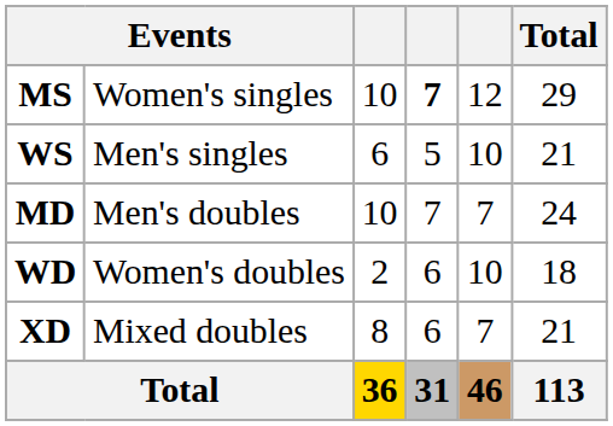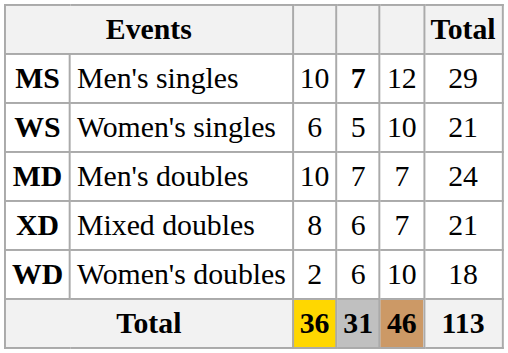 <table class="wikitable sortable" style="text-align:center; font-size:95%; background:white">
 <tr>
 <th colspan="2">Events</th>
 <th></th>
 <th></th>
 <th></th>
 <th>Total</th>
 </tr>
 <tr>
 <td><strong>MS</strong></td>
-<td align="left">Women's singles</td>
+<td align="left">Men's singles</td>
 <td>10</td>
 <td><strong>7</strong></td>
 <td>12</td>
 <td>29</td>
 </tr>
 <tr>
 <td><strong>WS</strong></td>
-<td align="left">Men's singles</td>
+<td align="left">Women's singles</td>
 <td>6</td>
 <td>5</td>
 <td>10</td>
 <td>21</td>
 </tr>
 <tr>
 <td><strong>MD</strong></td>
 <td align="left">Men's doubles</td>
 <td>10</td>
 <td>7</td>
 <td>7</td>
 <td>24</td>
 </tr>
 <tr>
+<td><strong>XD</strong></td>
+<td align="left">Mixed doubles</td>
+<td>8</td>
+<td>6</td>
+<td>7</td>
+<td>21</td>
+</tr>
+<tr>
 <td><strong>WD</strong></td>
 <td align="left">Women's doubles</td>
 <td>2</td>
 <td>6</td>
 <td>10</td>
 <td>18</td>
-</tr>
-<tr>
-<td><strong>XD</strong></td>
-<td align="left">Mixed doubles</td>
-<td>8</td>
-<td>6</td>
-<td>7</td>
-<td>21</td>
 </tr>
 <tr>
 <th colspan=2>Total</th>
 <th style="background:gold">36</th>
 <th style="background:silver">31</th>
 <th style="background:#CC9966">46</th>
 <th>113</th>
 </tr>
 </table>
